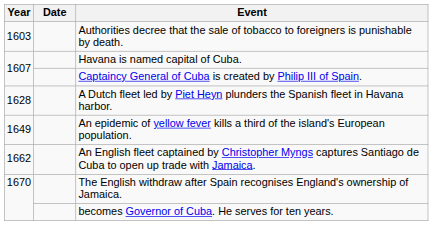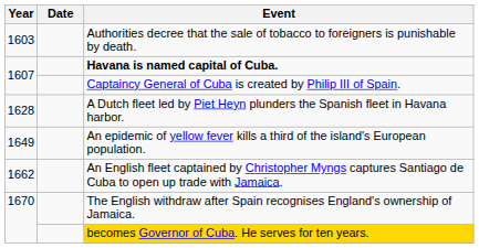 <table class="wikitable" width="100%">
 <tr>
 <th style="width:6%">Year</th>
 <th style="width:10%">Date</th>
 <th>Event</th>
 </tr>
 <tr>
 <td>1603</td>
 <td></td>
 <td>Authorities decree that the sale of tobacco to foreigners is punishable by death.</td>
 </tr>
 <tr>
 <td rowspan="2">1607</td>
 <td></td>
-<td>Havana is named capital of Cuba.</td>
+<td><strong>Havana is named capital of Cuba.</strong></td>
 </tr>
 <tr>
 <td></td>
 <td><a href='#'>Captaincy General of Cuba</a> is created by <a href='#'>Philip III of Spain</a>.</td>
 </tr>
 <tr>
 <td>1628</td>
 <td></td>
 <td>A Dutch fleet led by <a href='#'>Piet Heyn</a> plunders the Spanish fleet in Havana harbor.</td>
 </tr>
 <tr>
 <td>1649</td>
 <td></td>
 <td>An epidemic of <a href='#'>yellow fever</a> kills a third of the island's European population.</td>
 </tr>
 <tr>
 <td>1662</td>
 <td></td>
 <td>An English fleet captained by <a href='#'>Christopher Myngs</a> captures Santiago de Cuba to open up trade with <a href='#'>Jamaica</a>.</td>
 </tr>
 <tr>
 <td rowspan="2" valign="top">1670</td>
 <td></td>
 <td>The English withdraw after Spain recognises England's ownership of Jamaica.</td>
 </tr>
 <tr>
 <td></td>
-<td> becomes <a href='#'>Governor of Cuba</a>. He serves for ten years.</td>
+<td style="background: gold;"> becomes <a href='#'>Governor of Cuba</a>. He serves for ten years.</td>
 </tr>
 </table>
